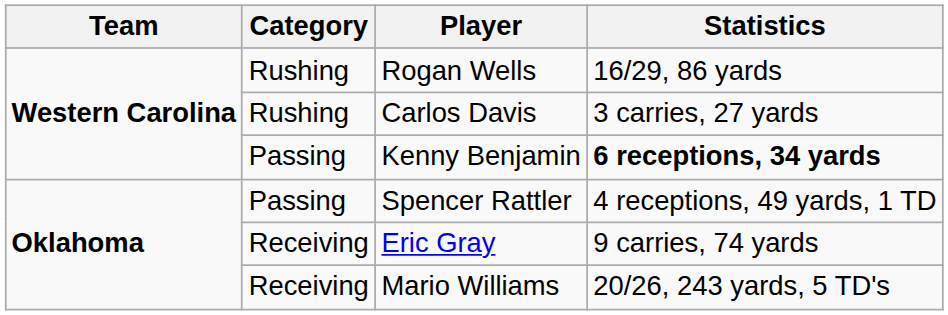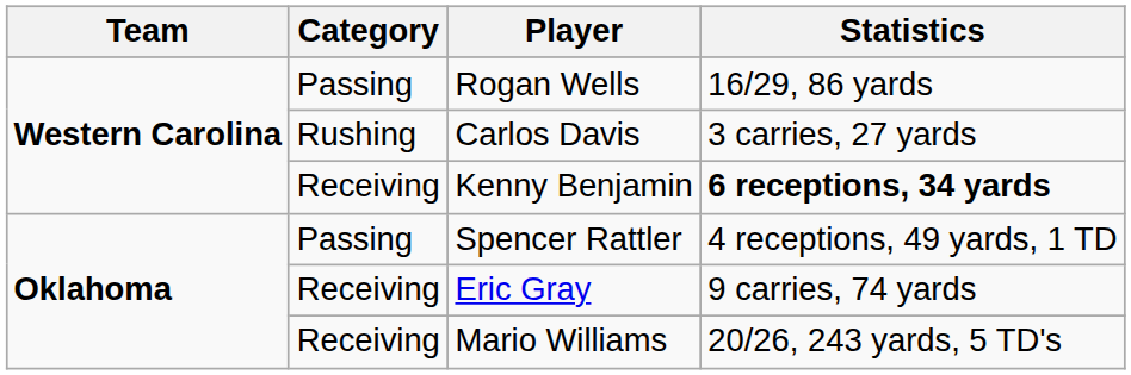 <table class="wikitable" style="float: right;">
 <tr>
 <th>Team</th>
 <th>Category</th>
 <th>Player</th>
 <th>Statistics</th>
 </tr>
 <tr>
 <td rowspan=3><strong>Western Carolina</strong></td>
-<td>Rushing</td>
+<td>Passing</td>
 <td>Rogan Wells</td>
 <td>16/29, 86 yards</td>
 </tr>
 <tr>
 <td>Rushing</td>
 <td>Carlos Davis</td>
 <td>3 carries, 27 yards</td>
 </tr>
 <tr>
-<td>Passing</td>
+<td>Receiving</td>
 <td>Kenny Benjamin</td>
 <td><strong>6 receptions, 34 yards</strong></td>
 </tr>
 <tr>
 <td rowspan=3><strong>Oklahoma</strong></td>
 <td>Passing</td>
 <td>Spencer Rattler</td>
 <td>4 receptions, 49 yards, 1 TD</td>
 </tr>
 <tr>
 <td>Receiving</td>
 <td><a href='#'>Eric Gray</a></td>
 <td>9 carries, 74 yards</td>
 </tr>
 <tr>
 <td>Receiving</td>
 <td>Mario Williams</td>
 <td>20/26, 243 yards, 5 TD's</td>
 </tr>
 </table>
